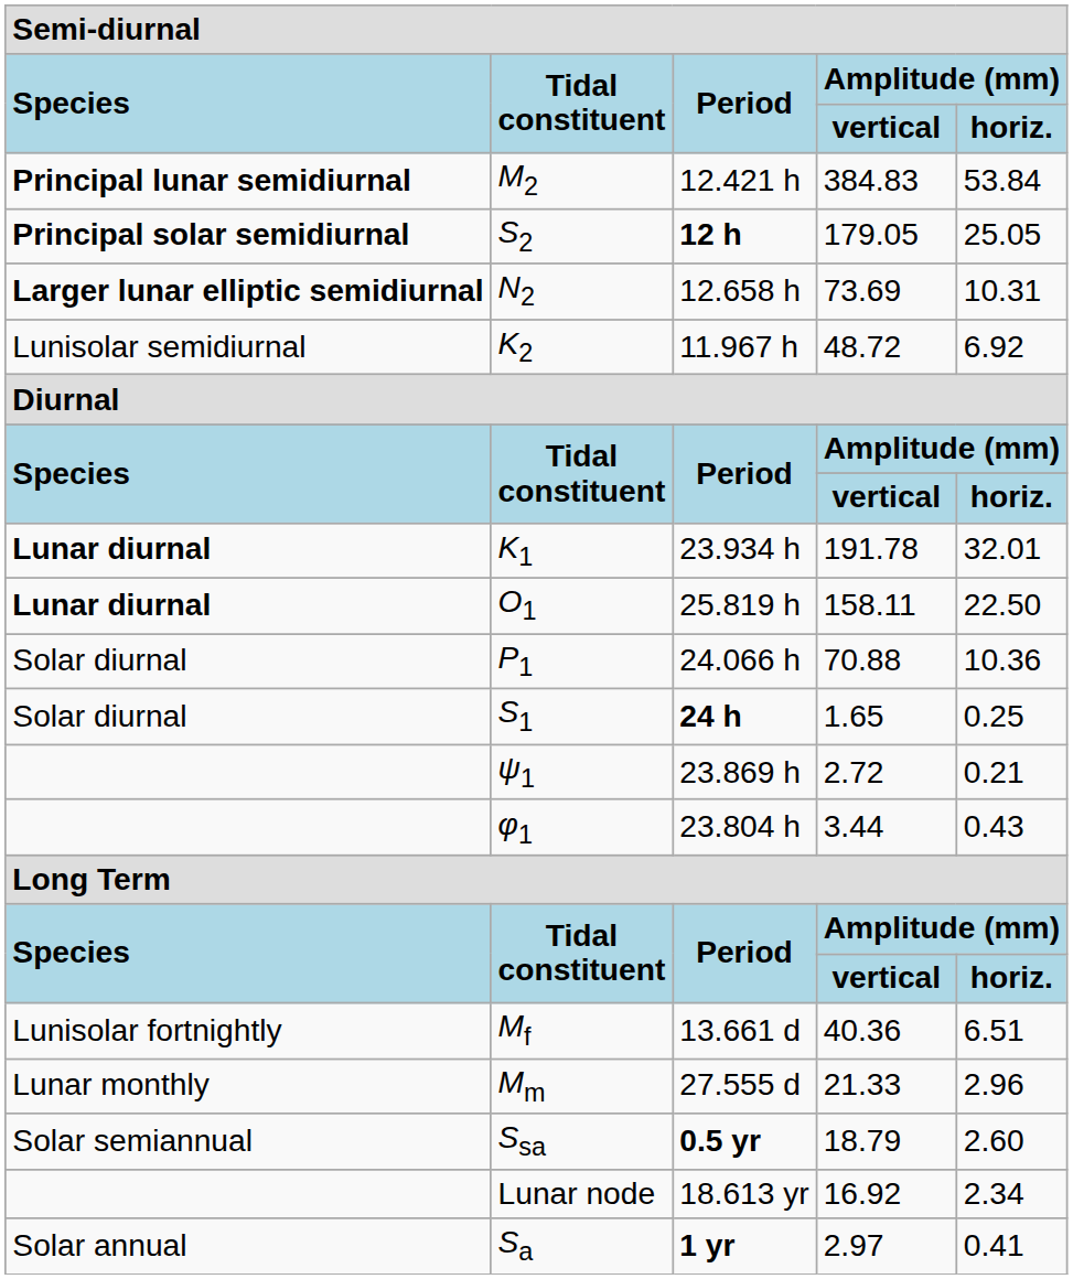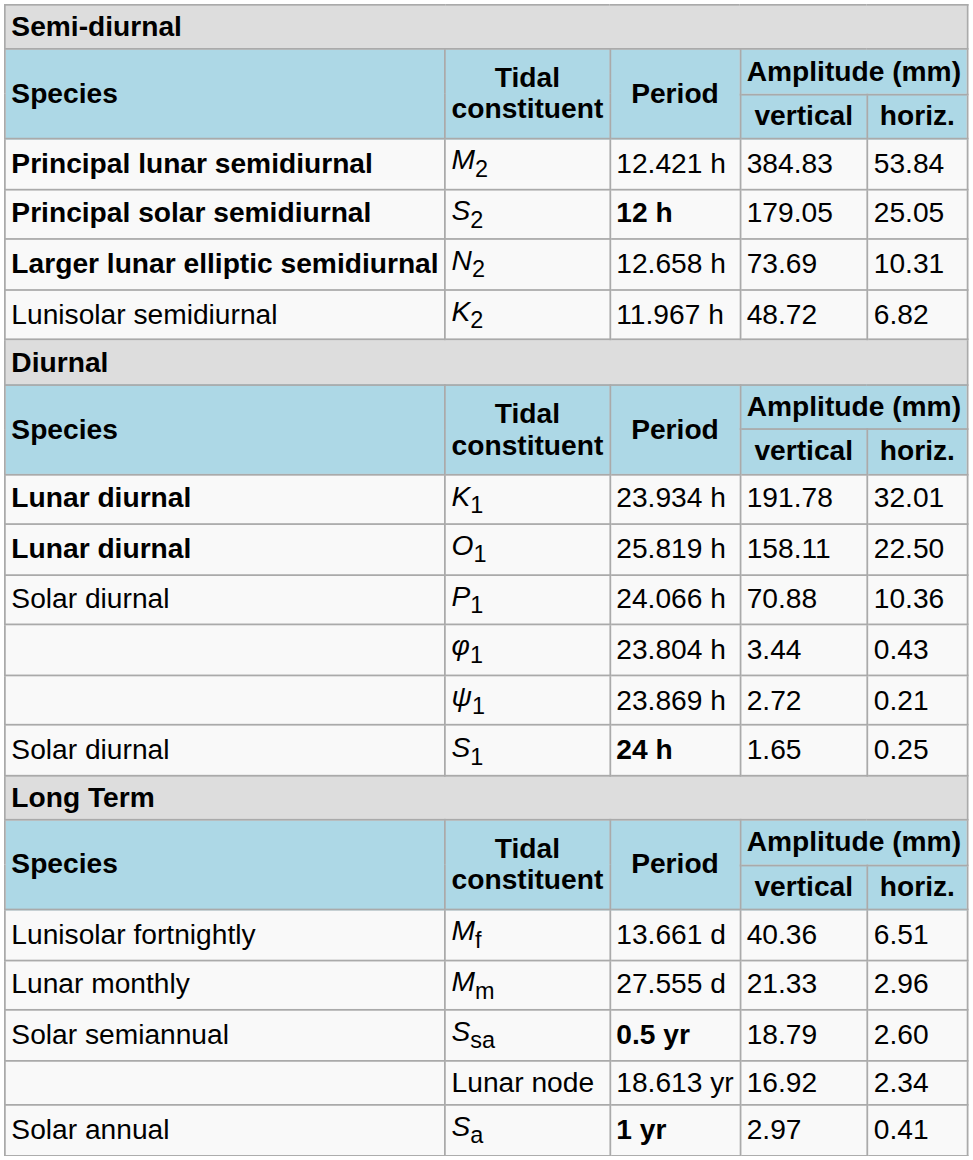 <table class="wikitable" style="border:0; cellpadding:0; cellspacing:0; vertical-align:top; align:left">
 <tr style="background:#DDDDDD">
 <td colspan="5"><strong>Semi-diurnal</strong></td>
 </tr>
 <tr style="background:lightblue">
 <td rowspan="2"><strong>Species</strong></td>
 <td rowspan="2" align="center"><strong>Tidal<br>constituent</strong></td>
 <td rowspan="2" align="center"><strong>Period</strong></td>
 <td colspan="2" align="center"><strong>Amplitude (mm)</strong></td>
 </tr>
 <tr style="background:lightblue">
 <td align="center"><strong>vertical</strong></td>
 <td align="center"><strong>horiz.</strong></td>
 </tr>
 <tr>
 <td><strong>Principal lunar semidiurnal</strong></td>
 <td><em>M</em><sub>2</sub></td>
 <td>12.421 h</td>
 <td>384.83</td>
 <td>53.84</td>
 </tr>
 <tr>
 <td><strong>Principal solar semidiurnal</strong></td>
 <td><em>S</em><sub>2</sub></td>
 <td><strong>12 h</strong></td>
 <td>179.05</td>
 <td>25.05</td>
 </tr>
 <tr>
 <td><strong>Larger lunar elliptic semidiurnal</strong></td>
 <td><em>N</em><sub>2</sub></td>
 <td>12.658 h</td>
 <td>73.69</td>
 <td>10.31</td>
 </tr>
 <tr>
 <td>Lunisolar semidiurnal</td>
 <td><em>K</em><sub>2</sub></td>
 <td>11.967 h</td>
 <td>48.72</td>
-<td>6.92</td>
+<td>6.82</td>
 </tr>
 <tr style="background:#DDDDDD">
 <td colspan="5"><strong>Diurnal</strong></td>
 </tr>
 <tr style="background:lightblue">
 <td rowspan="2"><strong>Species</strong></td>
 <td rowspan="2" align="center"><strong>Tidal<br>constituent</strong></td>
 <td rowspan="2" align="center"><strong>Period</strong></td>
 <td colspan="2" align="center"><strong>Amplitude (mm)</strong></td>
 </tr>
 <tr style="background:lightblue">
 <td align="center"><strong>vertical</strong></td>
 <td align="center"><strong>horiz.</strong></td>
 </tr>
 <tr>
 <td><strong>Lunar diurnal</strong></td>
 <td><em>K</em><sub>1</sub></td>
 <td>23.934 h</td>
 <td>191.78</td>
 <td>32.01</td>
 </tr>
 <tr>
 <td><strong>Lunar diurnal</strong></td>
 <td><em>O</em><sub>1</sub></td>
 <td>25.819 h</td>
 <td>158.11</td>
 <td>22.50</td>
 </tr>
 <tr>
 <td>Solar diurnal</td>
 <td><em>P</em><sub>1</sub></td>
 <td>24.066 h</td>
 <td>70.88</td>
 <td>10.36</td>
 </tr>
 <tr>
-<td>Solar diurnal</td>
-<td><em>S</em><sub>1</sub></td>
-<td><strong>24 h</strong></td>
-<td>1.65</td>
-<td>0.25</td>
+<td></td>
+<td><em>φ</em><sub>1</sub></td>
+<td>23.804 h</td>
+<td>3.44</td>
+<td>0.43</td>
 </tr>
 <tr>
 <td></td>
 <td><em>ψ</em><sub>1</sub></td>
 <td>23.869 h</td>
 <td>2.72</td>
 <td>0.21</td>
 </tr>
 <tr>
-<td></td>
-<td><em>φ</em><sub>1</sub></td>
-<td>23.804 h</td>
-<td>3.44</td>
-<td>0.43</td>
+<td>Solar diurnal</td>
+<td><em>S</em><sub>1</sub></td>
+<td><strong>24 h</strong></td>
+<td>1.65</td>
+<td>0.25</td>
 </tr>
 <tr style="background:#DDDDDD">
 <td colspan="5"><strong>Long Term</strong></td>
 </tr>
 <tr style="background:lightblue">
 <td rowspan="2"><strong>Species</strong></td>
 <td rowspan="2" align="center"><strong>Tidal<br>constituent</strong></td>
 <td rowspan="2" align="center"><strong>Period</strong></td>
 <td colspan="2" align="center"><strong>Amplitude (mm)</strong></td>
 </tr>
 <tr style="background:lightblue">
 <td align="center"><strong>vertical</strong></td>
 <td align="center"><strong>horiz.</strong></td>
 </tr>
 <tr>
 <td>Lunisolar fortnightly</td>
 <td><em>M</em><sub>f</sub></td>
 <td>13.661 d</td>
 <td>40.36</td>
 <td>6.51</td>
 </tr>
 <tr>
 <td>Lunar monthly</td>
 <td><em>M</em><sub>m</sub></td>
 <td>27.555 d</td>
 <td>21.33</td>
 <td>2.96</td>
 </tr>
 <tr>
 <td>Solar semiannual</td>
 <td><em>S</em><sub>sa</sub></td>
 <td><strong>0.5 yr</strong></td>
 <td>18.79</td>
 <td>2.60</td>
 </tr>
 <tr>
 <td></td>
 <td>Lunar node</td>
 <td>18.613 yr</td>
 <td>16.92</td>
 <td>2.34</td>
 </tr>
 <tr>
 <td>Solar annual</td>
 <td><em>S</em><sub>a</sub></td>
 <td><strong>1 yr</strong></td>
 <td>2.97</td>
 <td>0.41</td>
 </tr>
 </table>
